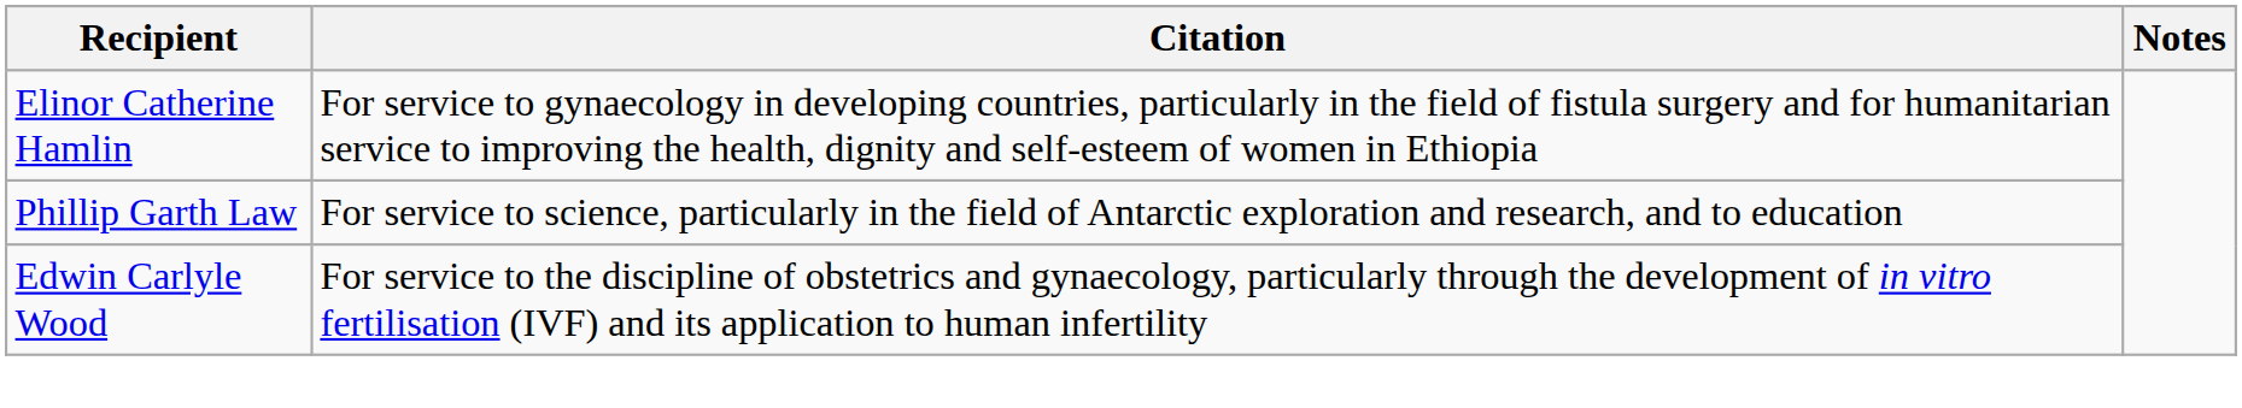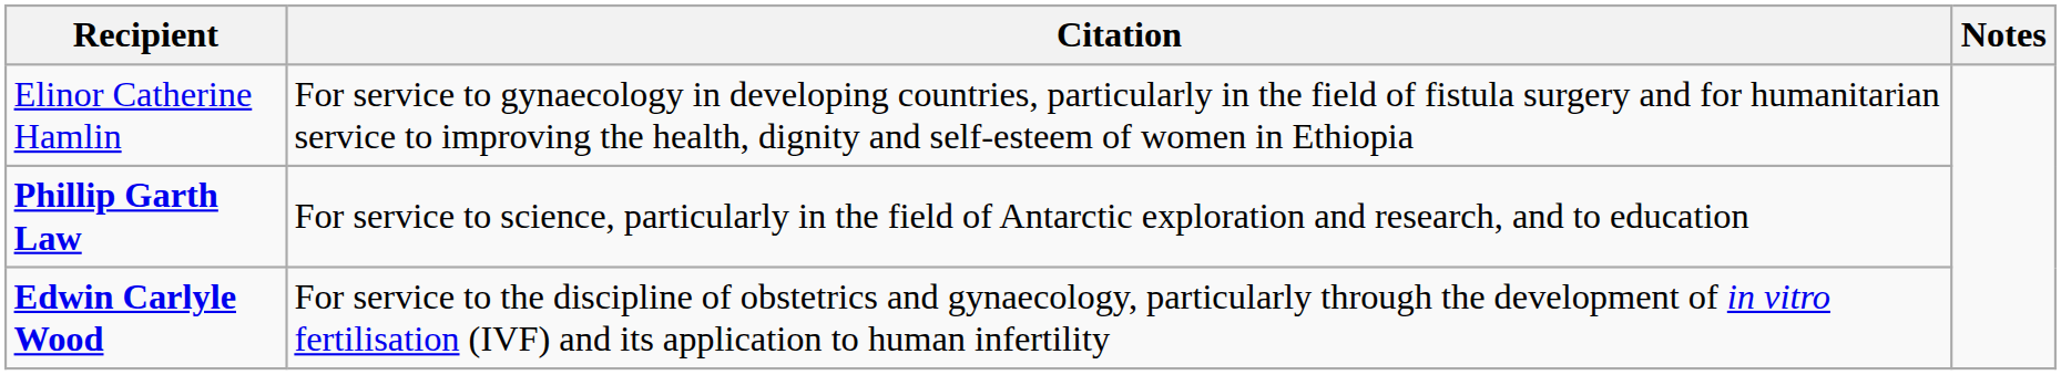 <table class="wikitable" style="font-size:95%;">
 <tr>
 <th>Recipient</th>
 <th>Citation</th>
 <th>Notes</th>
 </tr>
 <tr>
 <td> <a href='#'>Elinor Catherine Hamlin</a> </td>
 <td>For service to gynaecology in developing countries, particularly in the field of fistula surgery and for humanitarian service to improving the health, dignity and self-esteem of women in Ethiopia</td>
 <td rowspan="3"></td>
 </tr>
 <tr>
-<td> <a href='#'>Phillip Garth Law</a> </td>
+<td><strong> <a href='#'>Phillip Garth Law</a> </strong></td>
 <td>For service to science, particularly in the field of Antarctic exploration and research, and to education</td>
 </tr>
 <tr>
-<td> <a href='#'>Edwin Carlyle Wood</a> </td>
+<td><strong> <a href='#'>Edwin Carlyle Wood</a> </strong></td>
 <td>For service to the discipline of obstetrics and gynaecology, particularly through the development of <a href='#'><em>in vitro</em> fertilisation</a> (IVF) and its application to human infertility</td>
 </tr>
 </table>
